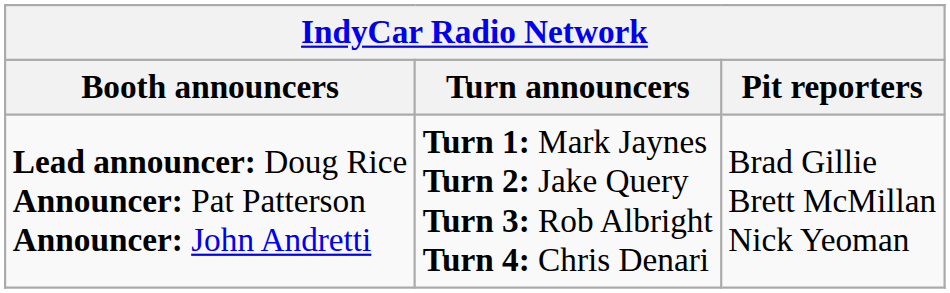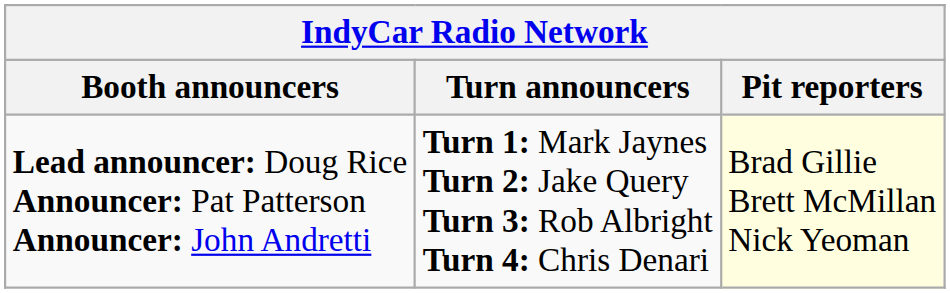 <table class="wikitable" style="font-size: 95%;">
 <tr>
 <th colspan="3"><a href='#'>IndyCar Radio Network</a></th>
 </tr>
 <tr>
 <th>Booth announcers</th>
 <th>Turn announcers</th>
 <th>Pit reporters</th>
 </tr>
 <tr>
 <td><strong>Lead announcer:</strong> Doug Rice<br><strong>Announcer:</strong> Pat Patterson<br><strong>Announcer:</strong> <a href='#'>John Andretti</a></td>
 <td><strong>Turn 1:</strong> Mark Jaynes<br><strong>Turn 2:</strong> Jake Query<br><strong>Turn 3:</strong> Rob Albright<br><strong>Turn 4:</strong> Chris Denari</td>
-<td>Brad Gillie<br>Brett McMillan<br>Nick Yeoman</td>
+<td style="background: lightyellow;">Brad Gillie<br>Brett McMillan<br>Nick Yeoman</td>
 </tr>
 </table>
